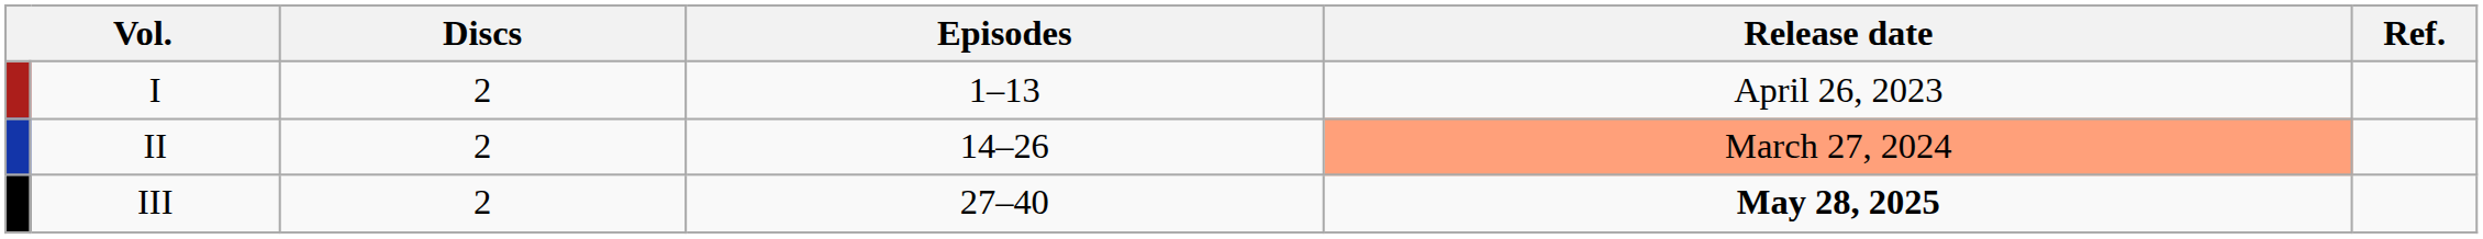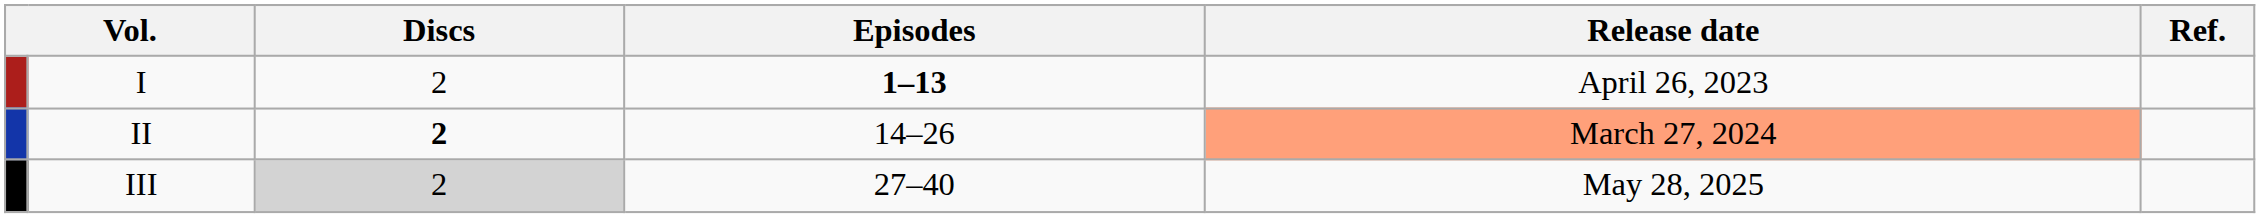 <table class="wikitable" style="text-align: center; width: 70%;">
 <tr>
 <th colspan="2">Vol.</th>
 <th>Discs</th>
 <th>Episodes</th>
 <th>Release date</th>
 <th width="5%">Ref.</th>
 </tr>
 <tr>
 <td width="1%" style="background: #AC1E1B;"></td>
 <td>I</td>
 <td>2</td>
-<td>1–13</td>
+<td><strong>1–13</strong></td>
 <td>April 26, 2023</td>
 <td></td>
 </tr>
 <tr>
 <td width="1%" style="background: #1335A9;"></td>
 <td>II</td>
-<td>2</td>
+<td><strong>2</strong></td>
 <td>14–26</td>
 <td style="background: lightsalmon;">March 27, 2024</td>
 <td></td>
 </tr>
 <tr>
 <td width="1%" style="background: #000000;"></td>
 <td>III</td>
-<td>2</td>
+<td style="background: lightgrey;">2</td>
 <td>27–40</td>
-<td><strong>May 28, 2025</strong></td>
+<td>May 28, 2025</td>
 <td></td>
 </tr>
 </table>
